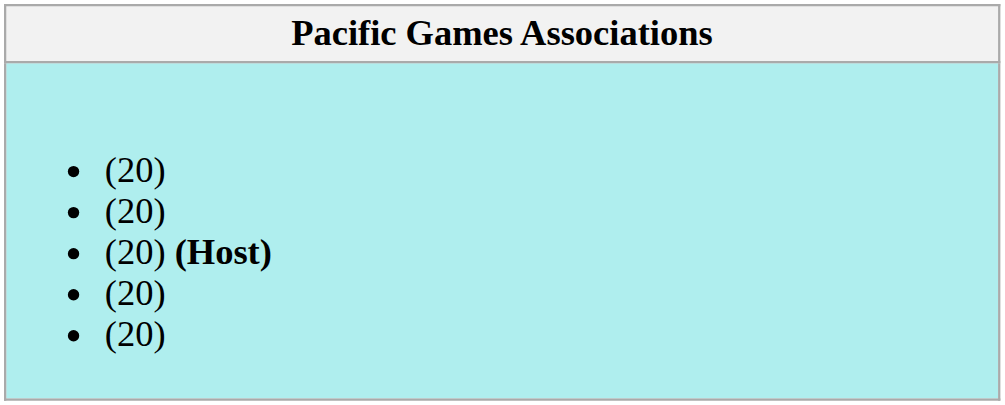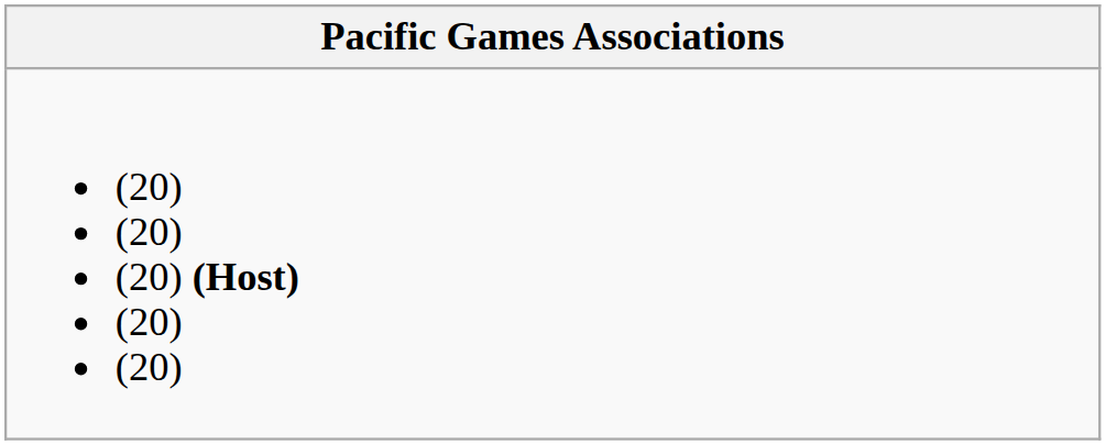 <table class="wikitable collapsible" style="min-width:70%; max-width:58em;">
 <tr>
 <th>Pacific Games Associations</th>
 </tr>
 <tr>
-<td style="background: paleturquoise;"><br><ul><li> (20)</li><li> (20)</li><li> (20) <strong>(Host)</strong></li><li> (20)</li><li> (20)</li></ul></td>
+<td><br><ul><li> (20)</li><li> (20)</li><li> (20) <strong>(Host)</strong></li><li> (20)</li><li> (20)</li></ul></td>
 </tr>
 </table>
